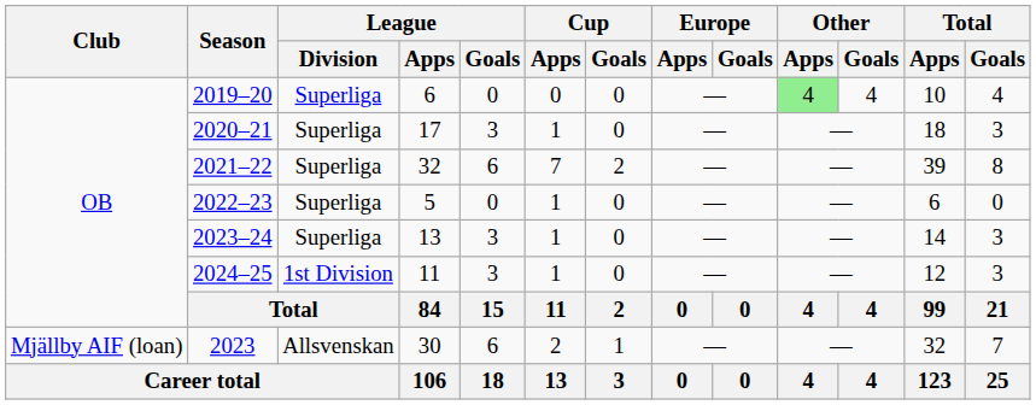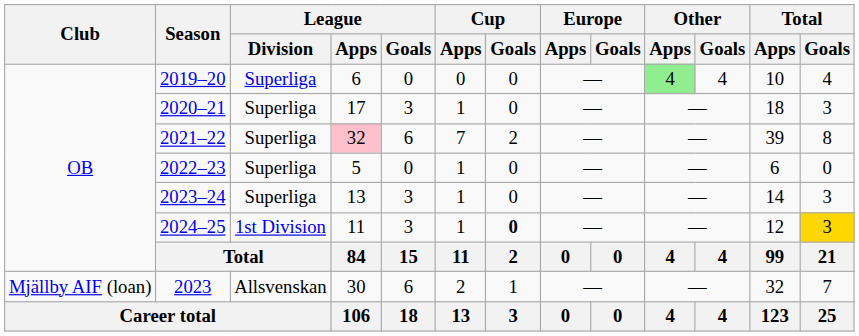 <table class="wikitable" style="text-align:center">
 <tr>
 <th rowspan="2">Club</th>
 <th rowspan="2">Season</th>
 <th colspan="3">League</th>
 <th colspan="2">Cup</th>
 <th colspan="2">Europe</th>
 <th colspan="2">Other</th>
 <th colspan="2">Total</th>
 </tr>
 <tr>
 <th>Division</th>
 <th>Apps</th>
 <th>Goals</th>
 <th>Apps</th>
 <th>Goals</th>
 <th>Apps</th>
 <th>Goals</th>
 <th>Apps</th>
 <th>Goals</th>
 <th>Apps</th>
 <th>Goals</th>
 </tr>
 <tr>
 <td rowspan="7"><a href='#'>OB</a></td>
 <td><a href='#'>2019–20</a></td>
 <td><a href='#'>Superliga</a></td>
 <td>6</td>
 <td>0</td>
 <td>0</td>
 <td>0</td>
 <td colspan="2">—</td>
 <td style="background: lightgreen;">4</td>
 <td>4</td>
 <td>10</td>
 <td>4</td>
 </tr>
 <tr>
 <td><a href='#'>2020–21</a></td>
 <td>Superliga</td>
 <td>17</td>
 <td>3</td>
 <td>1</td>
 <td>0</td>
 <td colspan="2">—</td>
 <td colspan="2">—</td>
 <td>18</td>
 <td>3</td>
 </tr>
 <tr>
 <td><a href='#'>2021–22</a></td>
 <td>Superliga</td>
-<td>32</td>
+<td style="background: pink;">32</td>
 <td>6</td>
 <td>7</td>
 <td>2</td>
 <td colspan="2">—</td>
 <td colspan="2">—</td>
 <td>39</td>
 <td>8</td>
 </tr>
 <tr>
 <td><a href='#'>2022–23</a></td>
 <td>Superliga</td>
 <td>5</td>
 <td>0</td>
 <td>1</td>
 <td>0</td>
 <td colspan="2">—</td>
 <td colspan="2">—</td>
 <td>6</td>
 <td>0</td>
 </tr>
 <tr>
 <td><a href='#'>2023–24</a></td>
 <td>Superliga</td>
 <td>13</td>
 <td>3</td>
 <td>1</td>
 <td>0</td>
 <td colspan="2">—</td>
 <td colspan="2">—</td>
 <td>14</td>
 <td>3</td>
 </tr>
 <tr>
 <td><a href='#'>2024–25</a></td>
 <td><a href='#'>1st Division</a></td>
 <td>11</td>
 <td>3</td>
 <td>1</td>
-<td>0</td>
+<td><strong>0</strong></td>
 <td colspan="2">—</td>
 <td colspan="2">—</td>
 <td>12</td>
-<td>3</td>
+<td style="background: gold;">3</td>
 </tr>
 <tr>
 <th colspan="2">Total</th>
 <th>84</th>
 <th>15</th>
 <th>11</th>
 <th>2</th>
 <th>0</th>
 <th>0</th>
 <th>4</th>
 <th>4</th>
 <th>99</th>
 <th>21</th>
 </tr>
 <tr>
 <td><a href='#'>Mjällby AIF</a> (loan)</td>
 <td><a href='#'>2023</a></td>
 <td>Allsvenskan</td>
 <td>30</td>
 <td>6</td>
 <td>2</td>
 <td>1</td>
 <td colspan="2">—</td>
 <td colspan="2">—</td>
 <td>32</td>
 <td>7</td>
 </tr>
 <tr>
 <th colspan=3>Career total</th>
 <th>106</th>
 <th>18</th>
 <th>13</th>
 <th>3</th>
 <th>0</th>
 <th>0</th>
 <th>4</th>
 <th>4</th>
 <th>123</th>
 <th>25</th>
 </tr>
 </table>
